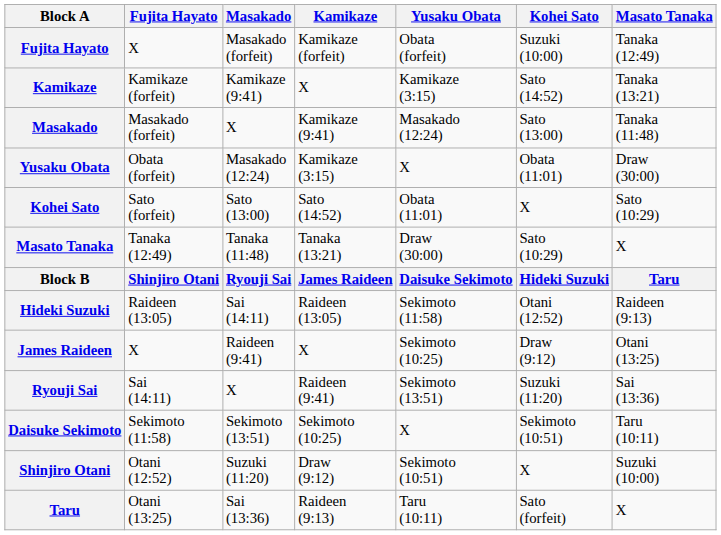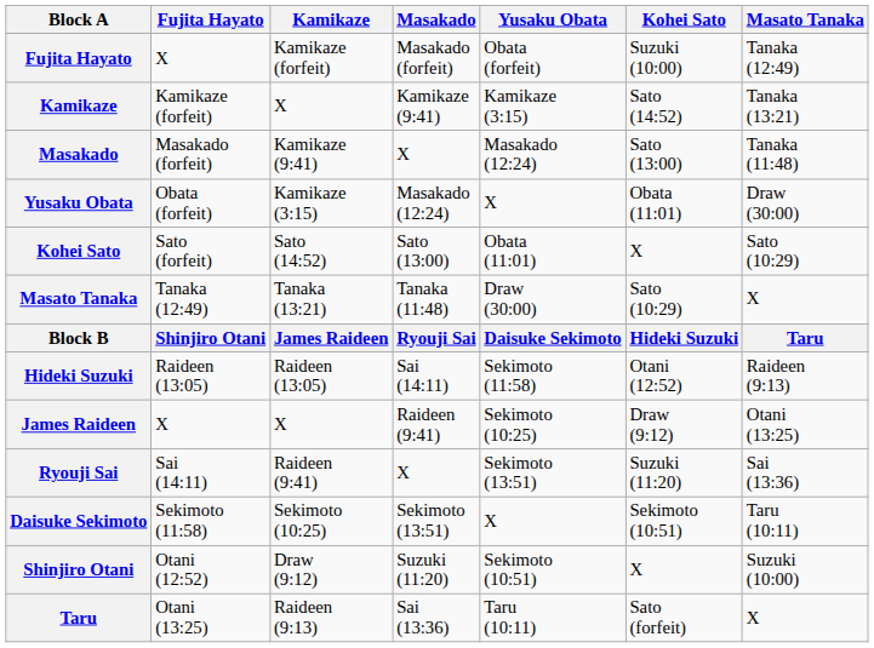 <table class="wikitable" style="margin: 1em auto 1em auto">
 <tr>
 <th>Block A</th>
 <th><a href='#'>Fujita Hayato</a></th>
+<th><a href='#'>Kamikaze</a></th>
 <th><a href='#'>Masakado</a></th>
-<th><a href='#'>Kamikaze</a></th>
 <th><a href='#'>Yusaku Obata</a></th>
 <th><a href='#'>Kohei Sato</a></th>
 <th><a href='#'>Masato Tanaka</a></th>
 </tr>
 <tr>
 <th><a href='#'>Fujita Hayato</a></th>
 <td>X</td>
+<td>Kamikaze<br>(forfeit)</td>
 <td>Masakado<br>(forfeit)</td>
-<td>Kamikaze<br>(forfeit)</td>
 <td>Obata<br>(forfeit)</td>
 <td>Suzuki<br>(10:00)</td>
 <td>Tanaka<br>(12:49)</td>
 </tr>
 <tr>
 <th><a href='#'>Kamikaze</a></th>
 <td>Kamikaze<br>(forfeit)</td>
+<td>X</td>
 <td>Kamikaze<br>(9:41)</td>
-<td>X</td>
 <td>Kamikaze<br>(3:15)</td>
 <td>Sato<br>(14:52)</td>
 <td>Tanaka<br>(13:21)</td>
 </tr>
 <tr>
 <th><a href='#'>Masakado</a></th>
 <td>Masakado<br>(forfeit)</td>
+<td>Kamikaze<br>(9:41)</td>
 <td>X</td>
-<td>Kamikaze<br>(9:41)</td>
 <td>Masakado<br>(12:24)</td>
 <td>Sato<br>(13:00)</td>
 <td>Tanaka<br>(11:48)</td>
 </tr>
 <tr>
 <th><a href='#'>Yusaku Obata</a></th>
 <td>Obata<br>(forfeit)</td>
+<td>Kamikaze<br>(3:15)</td>
 <td>Masakado<br>(12:24)</td>
-<td>Kamikaze<br>(3:15)</td>
 <td>X</td>
 <td>Obata<br>(11:01)</td>
 <td>Draw<br>(30:00)</td>
 </tr>
 <tr>
 <th><a href='#'>Kohei Sato</a></th>
 <td>Sato<br>(forfeit)</td>
+<td>Sato<br>(14:52)</td>
 <td>Sato<br>(13:00)</td>
-<td>Sato<br>(14:52)</td>
 <td>Obata<br>(11:01)</td>
 <td>X</td>
 <td>Sato<br>(10:29)</td>
 </tr>
 <tr>
 <th><a href='#'>Masato Tanaka</a></th>
 <td>Tanaka<br>(12:49)</td>
+<td>Tanaka<br>(13:21)</td>
 <td>Tanaka<br>(11:48)</td>
-<td>Tanaka<br>(13:21)</td>
 <td>Draw<br>(30:00)</td>
 <td>Sato<br>(10:29)</td>
 <td>X</td>
 </tr>
 <tr>
 <th>Block B</th>
 <th><a href='#'>Shinjiro Otani</a></th>
+<th><a href='#'>James Raideen</a></th>
 <th><a href='#'>Ryouji Sai</a></th>
-<th><a href='#'>James Raideen</a></th>
 <th><a href='#'>Daisuke Sekimoto</a></th>
 <th><a href='#'>Hideki Suzuki</a></th>
 <th><a href='#'>Taru</a></th>
 </tr>
 <tr>
 <th><a href='#'>Hideki Suzuki</a></th>
 <td>Raideen<br>(13:05)</td>
+<td>Raideen<br>(13:05)</td>
 <td>Sai<br>(14:11)</td>
-<td>Raideen<br>(13:05)</td>
 <td>Sekimoto<br>(11:58)</td>
 <td>Otani<br>(12:52)</td>
 <td>Raideen<br>(9:13)</td>
 </tr>
 <tr>
 <th><a href='#'>James Raideen</a></th>
 <td>X</td>
+<td>X</td>
 <td>Raideen<br>(9:41)</td>
-<td>X</td>
 <td>Sekimoto<br>(10:25)</td>
 <td>Draw<br>(9:12)</td>
 <td>Otani<br>(13:25)</td>
 </tr>
 <tr>
 <th><a href='#'>Ryouji Sai</a></th>
 <td>Sai<br>(14:11)</td>
+<td>Raideen<br>(9:41)</td>
 <td>X</td>
-<td>Raideen<br>(9:41)</td>
 <td>Sekimoto<br>(13:51)</td>
 <td>Suzuki<br>(11:20)</td>
 <td>Sai<br>(13:36)</td>
 </tr>
 <tr>
 <th><a href='#'>Daisuke Sekimoto</a></th>
 <td>Sekimoto<br>(11:58)</td>
+<td>Sekimoto<br>(10:25)</td>
 <td>Sekimoto<br>(13:51)</td>
-<td>Sekimoto<br>(10:25)</td>
 <td>X</td>
 <td>Sekimoto<br>(10:51)</td>
 <td>Taru<br>(10:11)</td>
 </tr>
 <tr>
 <th><a href='#'>Shinjiro Otani</a></th>
 <td>Otani<br>(12:52)</td>
+<td>Draw<br>(9:12)</td>
 <td>Suzuki<br>(11:20)</td>
-<td>Draw<br>(9:12)</td>
 <td>Sekimoto<br>(10:51)</td>
 <td>X</td>
 <td>Suzuki<br>(10:00)</td>
 </tr>
 <tr>
 <th><a href='#'>Taru</a></th>
 <td>Otani<br>(13:25)</td>
+<td>Raideen<br>(9:13)</td>
 <td>Sai<br>(13:36)</td>
-<td>Raideen<br>(9:13)</td>
 <td>Taru<br>(10:11)</td>
 <td>Sato<br>(forfeit)</td>
 <td>X</td>
 </tr>
 </table>
